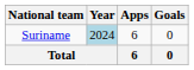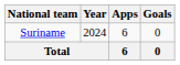 <table class="wikitable" style="text-align:center">
 <tr>
 <th>National team</th>
 <th>Year</th>
 <th>Apps</th>
 <th>Goals</th>
 </tr>
 <tr>
 <td><a href='#'>Suriname</a></td>
-<td style="background: lightblue;">2024</td>
+<td>2024</td>
 <td>6</td>
 <td>0</td>
 </tr>
 <tr>
 <th colspan="2">Total</th>
 <th>6</th>
 <th>0</th>
 </tr>
 </table>
